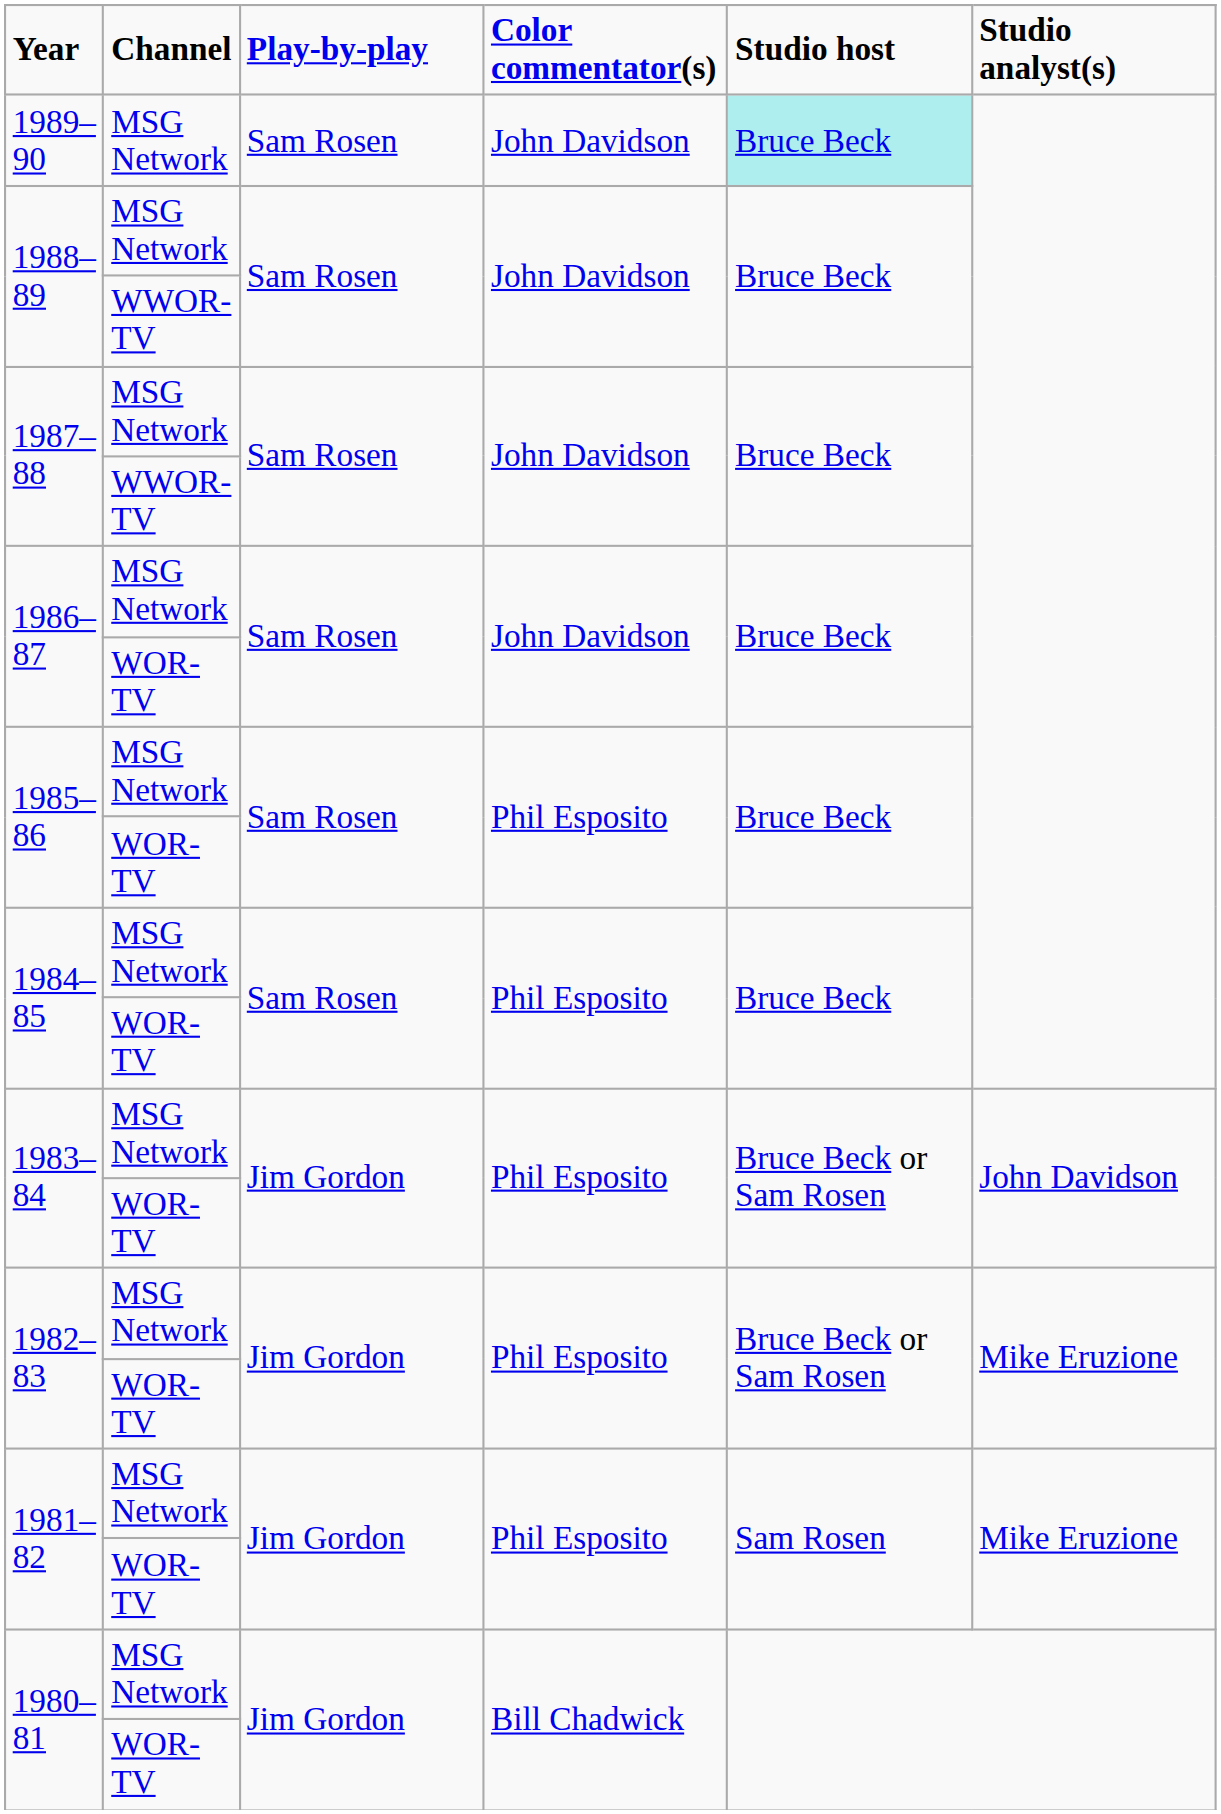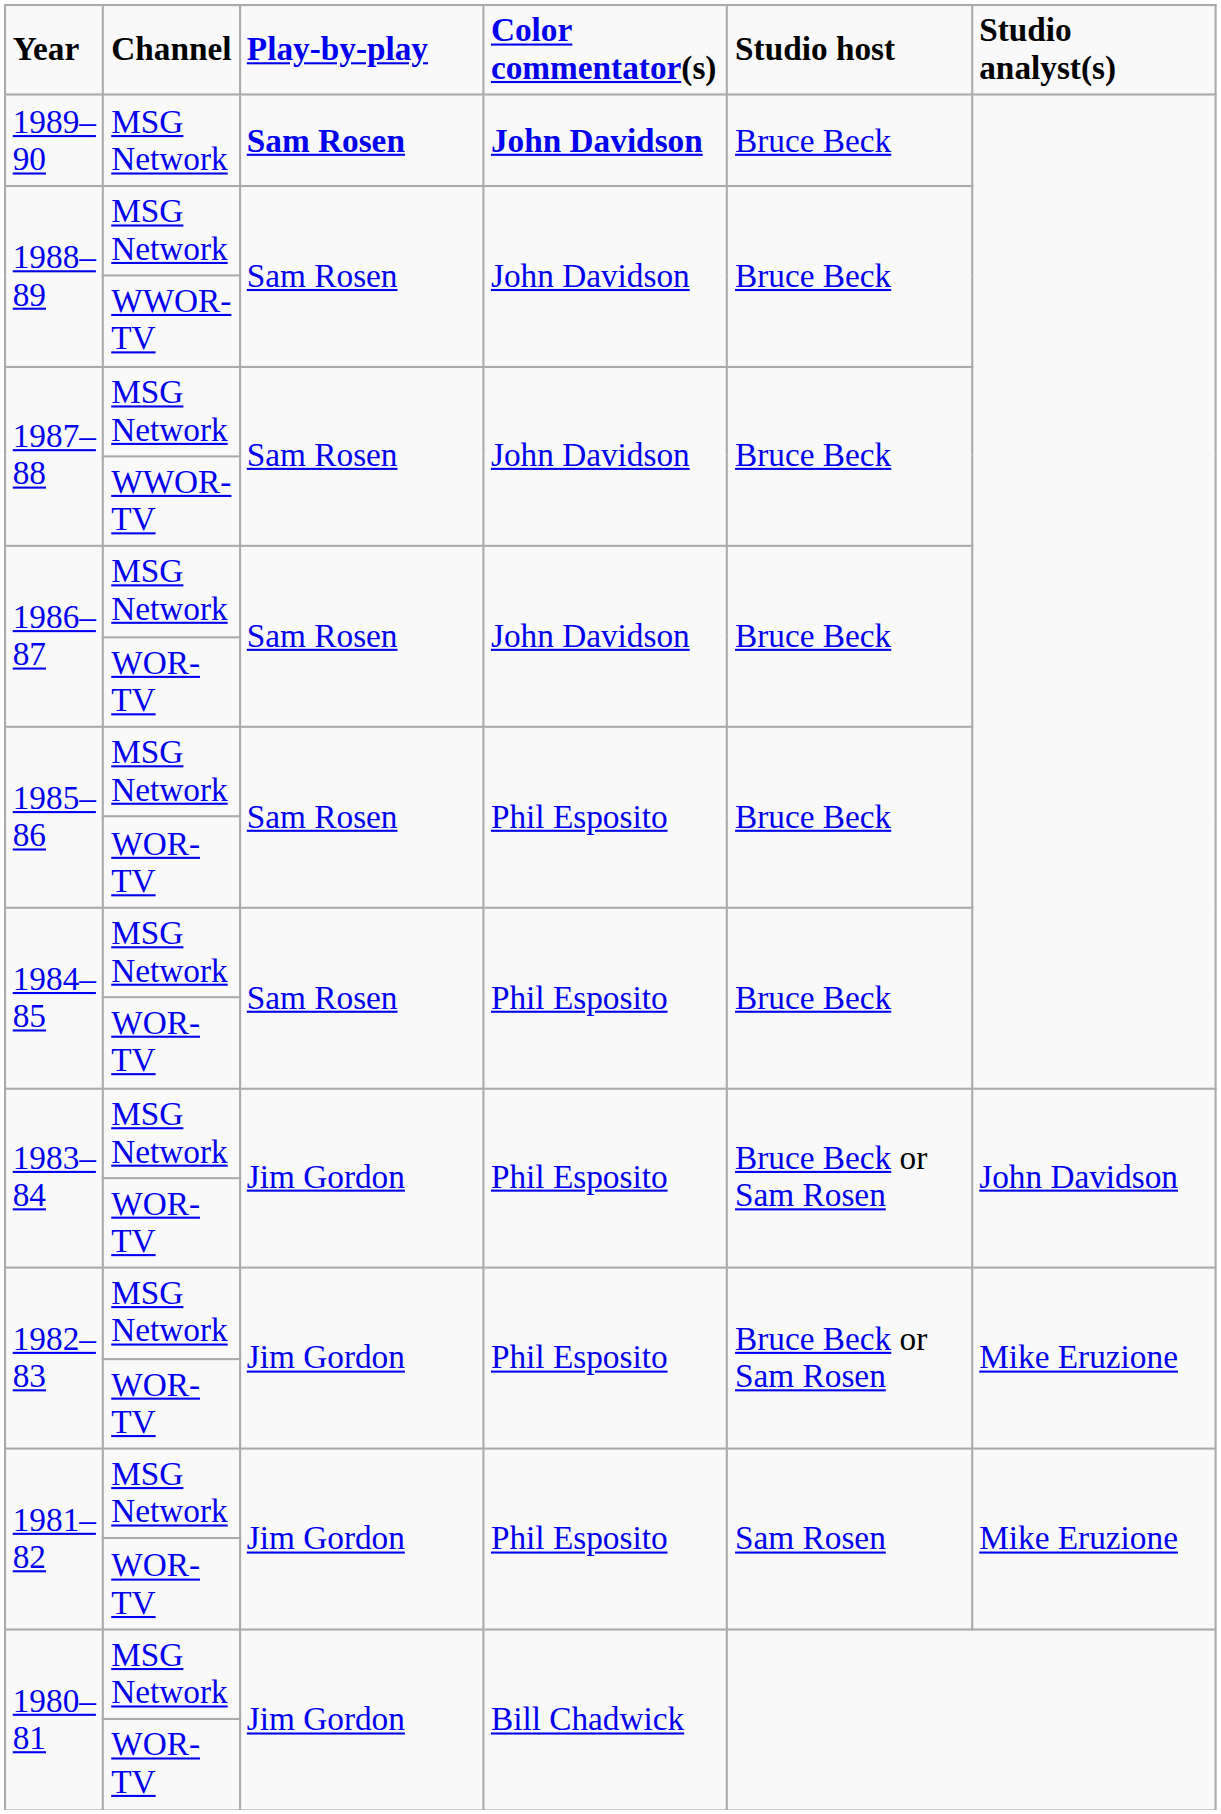 <table class="wikitable">
 <tr>
 <td width="40"><strong>Year</strong></td>
 <td width="40"><strong>Channel</strong></td>
 <td width="110"><strong><a href='#'>Play-by-play</a></strong></td>
 <td width="110"><strong><a href='#'>Color commentator</a>(s)</strong></td>
 <td width="110"><strong>Studio host</strong></td>
 <td width="110"><strong>Studio analyst(s)</strong></td>
 </tr>
 <tr>
 <td><a href='#'>1989–90</a></td>
 <td><a href='#'>MSG Network</a></td>
-<td><a href='#'>Sam Rosen</a></td>
-<td><a href='#'>John Davidson</a></td>
-<td style="background: paleturquoise;"><a href='#'>Bruce Beck</a></td>
+<td><strong><a href='#'>Sam Rosen</a></strong></td>
+<td><strong><a href='#'>John Davidson</a></strong></td>
+<td><a href='#'>Bruce Beck</a></td>
 </tr>
 <tr>
 <td rowspan="2"><a href='#'>1988–89</a></td>
 <td><a href='#'>MSG Network</a></td>
 <td rowspan="2"><a href='#'>Sam Rosen</a></td>
 <td rowspan="2"><a href='#'>John Davidson</a></td>
 <td rowspan="2"><a href='#'>Bruce Beck</a></td>
 </tr>
 <tr>
 <td><a href='#'>WWOR-TV</a></td>
 </tr>
 <tr>
 <td rowspan="2"><a href='#'>1987–88</a></td>
 <td><a href='#'>MSG Network</a></td>
 <td rowspan="2"><a href='#'>Sam Rosen</a></td>
 <td rowspan="2"><a href='#'>John Davidson</a></td>
 <td rowspan="2"><a href='#'>Bruce Beck</a></td>
 </tr>
 <tr>
 <td><a href='#'>WWOR-TV</a></td>
 </tr>
 <tr>
 <td rowspan="2"><a href='#'>1986–87</a></td>
 <td><a href='#'>MSG Network</a></td>
 <td rowspan="2"><a href='#'>Sam Rosen</a></td>
 <td rowspan="2"><a href='#'>John Davidson</a></td>
 <td rowspan="2"><a href='#'>Bruce Beck</a></td>
 </tr>
 <tr>
 <td><a href='#'>WOR-TV</a></td>
 </tr>
 <tr>
 <td rowspan="2"><a href='#'>1985–86</a></td>
 <td><a href='#'>MSG Network</a></td>
 <td rowspan="2"><a href='#'>Sam Rosen</a></td>
 <td rowspan="2"><a href='#'>Phil Esposito</a></td>
 <td rowspan="2"><a href='#'>Bruce Beck</a></td>
 </tr>
 <tr>
 <td><a href='#'>WOR-TV</a></td>
 </tr>
 <tr>
 <td rowspan="2"><a href='#'>1984–85</a></td>
 <td><a href='#'>MSG Network</a></td>
 <td rowspan="2"><a href='#'>Sam Rosen</a></td>
 <td rowspan="2"><a href='#'>Phil Esposito</a></td>
 <td rowspan="2"><a href='#'>Bruce Beck</a></td>
 </tr>
 <tr>
 <td><a href='#'>WOR-TV</a></td>
 </tr>
 <tr>
 <td rowspan="2"><a href='#'>1983–84</a></td>
 <td><a href='#'>MSG Network</a></td>
 <td rowspan="2"><a href='#'>Jim Gordon</a></td>
 <td rowspan="2"><a href='#'>Phil Esposito</a></td>
 <td rowspan="2"><a href='#'>Bruce Beck</a> or <a href='#'>Sam Rosen</a></td>
 <td rowspan="2"><a href='#'>John Davidson</a></td>
 </tr>
 <tr>
 <td><a href='#'>WOR-TV</a></td>
 </tr>
 <tr>
 <td rowspan="2"><a href='#'>1982–83</a></td>
 <td><a href='#'>MSG Network</a></td>
 <td rowspan="2"><a href='#'>Jim Gordon</a></td>
 <td rowspan="2"><a href='#'>Phil Esposito</a></td>
 <td rowspan="2"><a href='#'>Bruce Beck</a> or <a href='#'>Sam Rosen</a></td>
 <td rowspan="2"><a href='#'>Mike Eruzione</a></td>
 </tr>
 <tr>
 <td><a href='#'>WOR-TV</a></td>
 </tr>
 <tr>
 <td rowspan="2"><a href='#'>1981–82</a></td>
 <td><a href='#'>MSG Network</a></td>
 <td rowspan="2"><a href='#'>Jim Gordon</a></td>
 <td rowspan="2"><a href='#'>Phil Esposito</a></td>
 <td rowspan="2"><a href='#'>Sam Rosen</a></td>
 <td rowspan="2"><a href='#'>Mike Eruzione</a></td>
 </tr>
 <tr>
 <td><a href='#'>WOR-TV</a></td>
 </tr>
 <tr>
 <td rowspan="2"><a href='#'>1980–81</a></td>
 <td><a href='#'>MSG Network</a></td>
 <td rowspan="2"><a href='#'>Jim Gordon</a></td>
 <td rowspan="2"><a href='#'>Bill Chadwick</a></td>
 </tr>
 <tr>
 <td><a href='#'>WOR-TV</a></td>
 </tr>
 </table>
